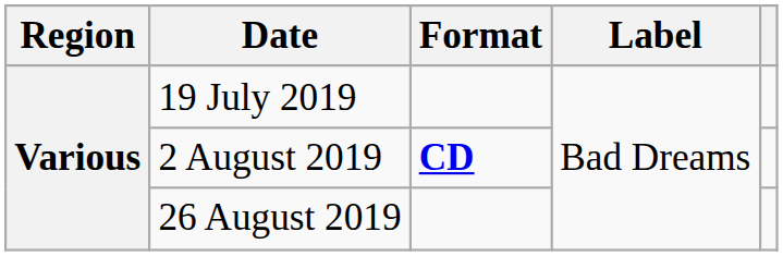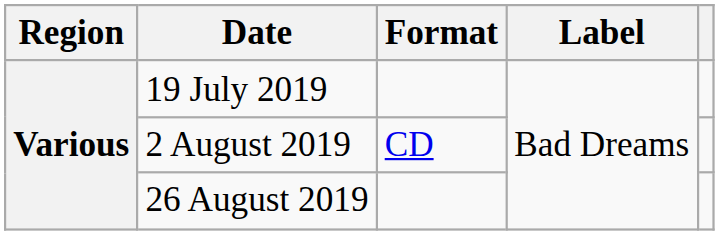 <table class="wikitable plainrowheaders">
 <tr>
 <th scope="col">Region</th>
 <th scope="col">Date</th>
 <th scope="col">Format</th>
 <th scope="col">Label</th>
 <th scope="col"></th>
 </tr>
 <tr>
 <th scope="row" rowspan="3">Various</th>
 <td>19 July 2019</td>
 <td></td>
 <td rowspan="3">Bad Dreams</td>
 <td></td>
 </tr>
 <tr>
 <td>2 August 2019</td>
-<td><strong><a href='#'>CD</a></strong></td>
+<td><a href='#'>CD</a></td>
 <td></td>
 </tr>
 <tr>
 <td>26 August 2019</td>
 <td></td>
 <td></td>
 </tr>
 </table>
